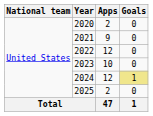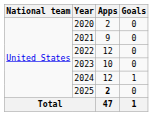 <table class="wikitable" style="text-align:center">
 <tr>
 <th>National team</th>
 <th>Year</th>
 <th>Apps</th>
 <th>Goals</th>
 </tr>
 <tr>
 <td rowspan="6"><a href='#'>United States</a></td>
 <td>2020</td>
 <td>2</td>
 <td>0</td>
 </tr>
 <tr>
 <td>2021</td>
 <td>9</td>
 <td>0</td>
 </tr>
 <tr>
 <td>2022</td>
 <td>12</td>
 <td>0</td>
 </tr>
 <tr>
 <td>2023</td>
 <td>10</td>
 <td>0</td>
 </tr>
 <tr>
 <td>2024</td>
 <td>12</td>
-<td style="background: khaki;">1</td>
+<td>1</td>
 </tr>
 <tr>
 <td>2025</td>
-<td>2</td>
+<td><strong>2</strong></td>
 <td>0</td>
 </tr>
 <tr>
 <th colspan="2">Total</th>
 <th>47</th>
 <th>1</th>
 </tr>
 </table>
